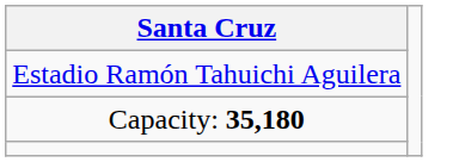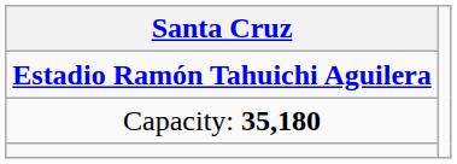 <table class="wikitable floatright" style="text-align:center">
 <tr>
 <th><a href='#'>Santa Cruz</a></th>
 <td rowspan=4><br></td>
 </tr>
 <tr>
-<td><a href='#'>Estadio Ramón Tahuichi Aguilera</a></td>
+<td><strong><a href='#'>Estadio Ramón Tahuichi Aguilera</a></strong></td>
 </tr>
 <tr>
 <td>Capacity: <strong>35,180</strong></td>
 </tr>
 <tr>
 <td></td>
 </tr>
 </table>
